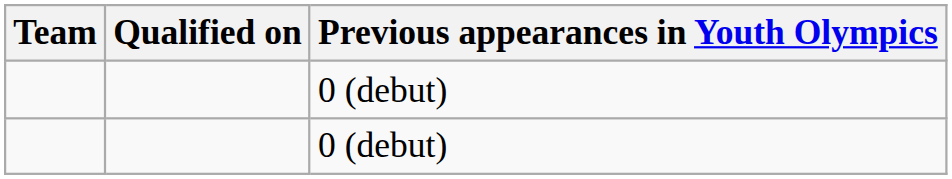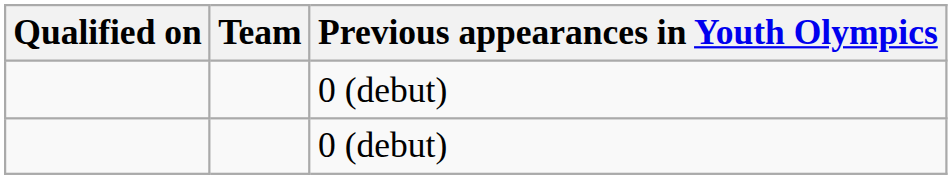 <table class="wikitable sortable" style="text-align: left;">
 <tr>
+<th>Qualified on</th>
 <th>Team</th>
-<th>Qualified on</th>
 <th data-sort-type="number">Previous appearances in <a href='#'>Youth Olympics</a></th>
 </tr>
 <tr>
 <td></td>
 <td></td>
 <td>0 (debut)</td>
 </tr>
 <tr>
 <td></td>
 <td></td>
 <td>0 (debut)</td>
 </tr>
 </table>
